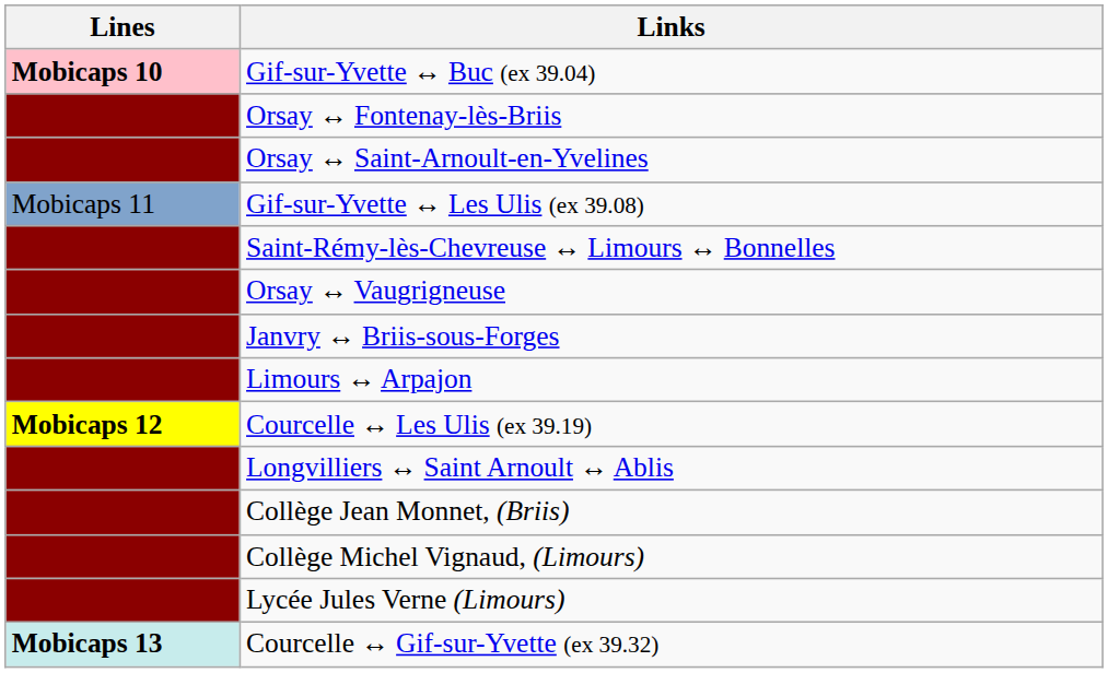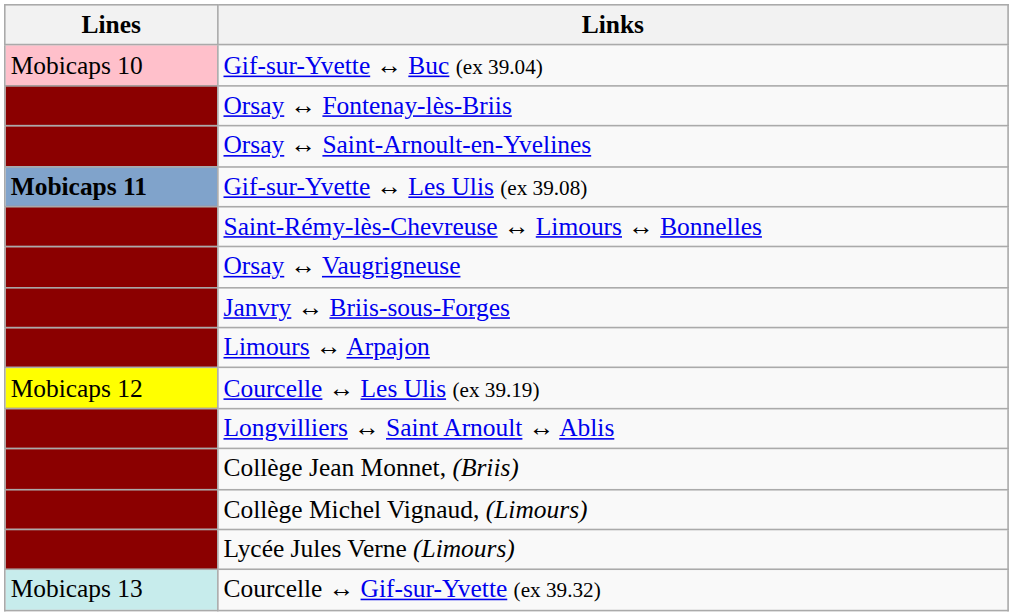 <table class="wikitable" width="50%">
 <tr>
 <th>Lines</th>
 <th>Links</th>
 </tr>
 <tr>
-<td bgcolor="pink"><strong>Mobicaps 10</strong></td>
+<td bgcolor="pink">Mobicaps 10</td>
 <td><a href='#'>Gif-sur-Yvette</a> ↔ <a href='#'>Buc</a> <small>(ex 39.04)</small></td>
 </tr>
 <tr>
 <td bgcolor="darkred"></td>
 <td><a href='#'>Orsay</a> ↔ <a href='#'>Fontenay-lès-Briis</a></td>
 </tr>
 <tr>
 <td bgcolor="darkred"></td>
 <td><a href='#'>Orsay</a> ↔ <a href='#'>Saint-Arnoult-en-Yvelines</a></td>
 </tr>
 <tr>
-<td bgcolor="#80a3cb">Mobicaps 11</td>
+<td bgcolor="#80a3cb"><strong>Mobicaps 11</strong></td>
 <td><a href='#'>Gif-sur-Yvette</a> ↔ <a href='#'>Les Ulis</a> <small>(ex 39.08)</small></td>
 </tr>
 <tr>
 <td bgcolor="darkred"></td>
 <td><a href='#'>Saint-Rémy-lès-Chevreuse</a> ↔ <a href='#'>Limours</a> ↔ <a href='#'>Bonnelles</a></td>
 </tr>
 <tr>
 <td bgcolor="darkred"></td>
 <td><a href='#'>Orsay</a> ↔ <a href='#'>Vaugrigneuse</a></td>
 </tr>
 <tr>
 <td bgcolor="darkred"></td>
 <td><a href='#'>Janvry</a> ↔ <a href='#'>Briis-sous-Forges</a></td>
 </tr>
 <tr>
 <td bgcolor="darkred"></td>
 <td><a href='#'>Limours</a> ↔ <a href='#'>Arpajon</a></td>
 </tr>
 <tr>
-<td bgcolor="yellow"><strong>Mobicaps 12</strong></td>
+<td bgcolor="yellow">Mobicaps 12</td>
 <td><a href='#'>Courcelle</a> ↔ <a href='#'>Les Ulis</a> <small>(ex 39.19)</small></td>
 </tr>
 <tr>
 <td bgcolor="darkred"></td>
 <td><a href='#'>Longvilliers</a> ↔ <a href='#'>Saint Arnoult</a> ↔ <a href='#'>Ablis</a></td>
 </tr>
 <tr>
 <td bgcolor="darkred"></td>
 <td>Collège Jean Monnet, <em>(Briis)</em></td>
 </tr>
 <tr>
 <td bgcolor="darkred"></td>
 <td>Collège Michel Vignaud, <em>(Limours)</em></td>
 </tr>
 <tr>
 <td bgcolor="darkred"></td>
 <td>Lycée Jules Verne <em>(Limours)</em></td>
 </tr>
 <tr>
-<td bgcolor="#c7ecec"><strong>Mobicaps 13</strong></td>
+<td bgcolor="#c7ecec">Mobicaps 13</td>
 <td>Courcelle ↔ <a href='#'>Gif-sur-Yvette</a> <small>(ex 39.32)</small></td>
 </tr>
 </table>
